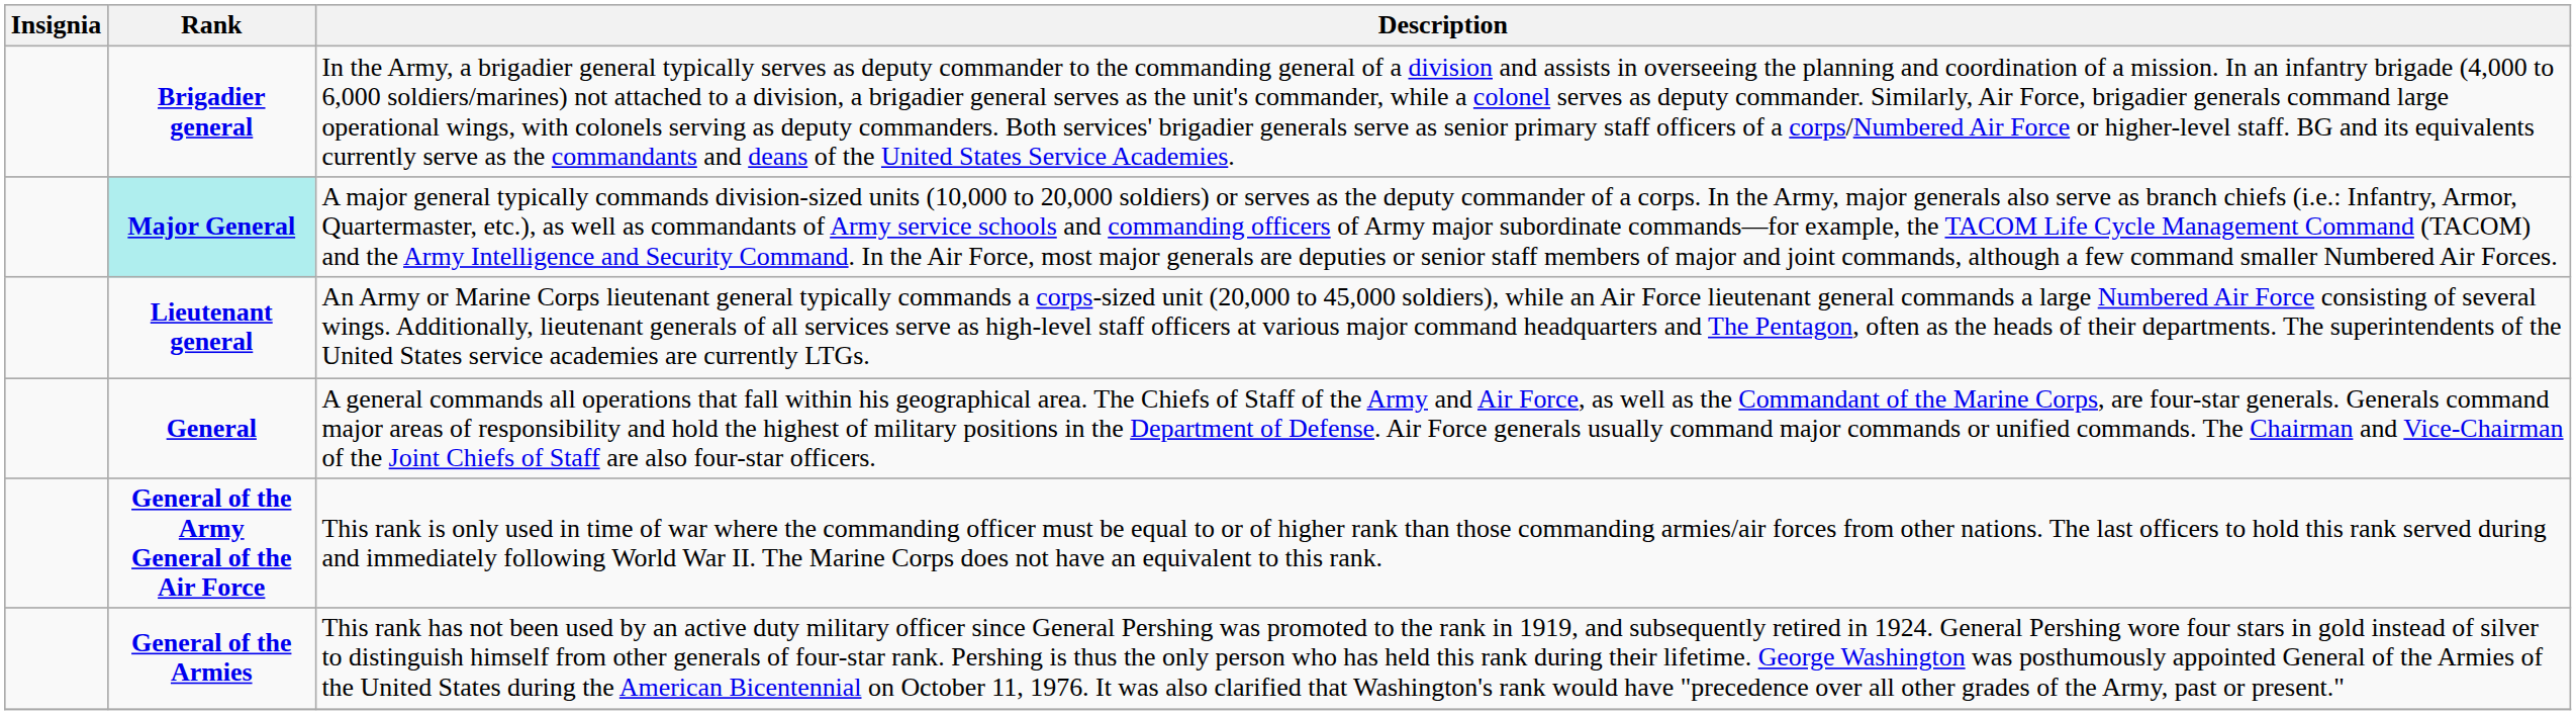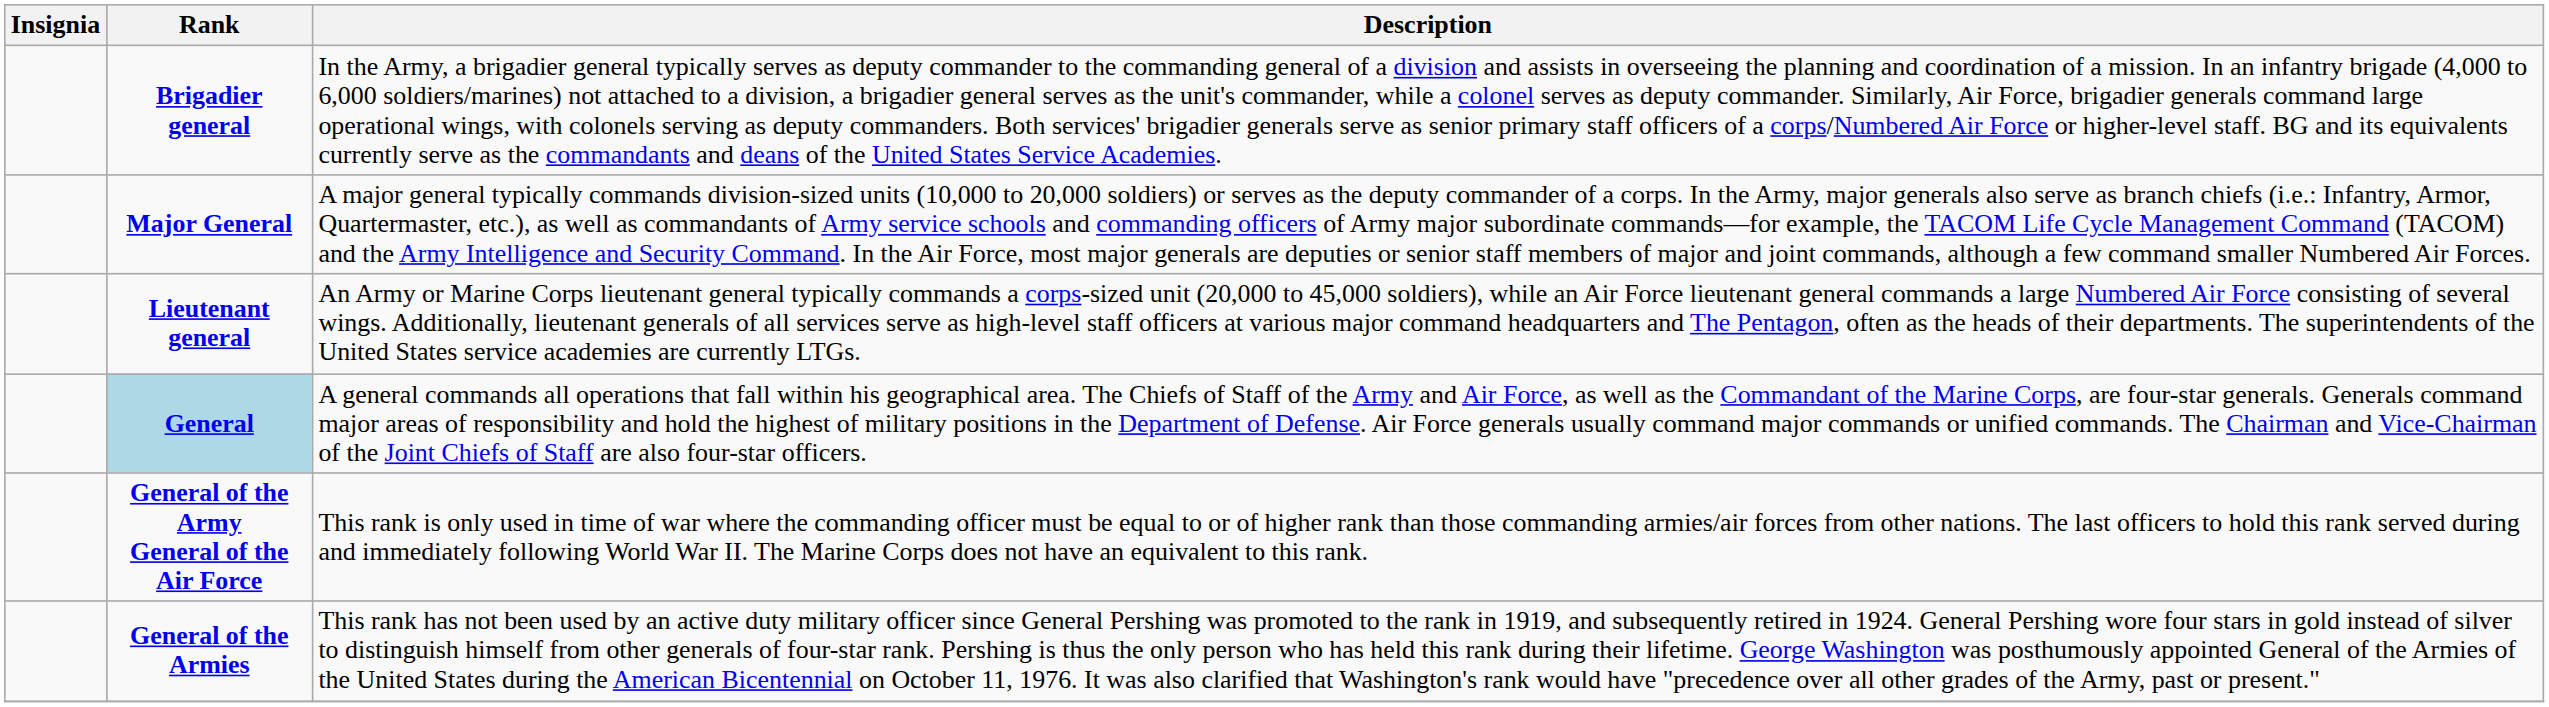 <table class="wikitable">
 <tr>
 <th>Insignia</th>
 <th width="120px">Rank</th>
 <th>Description</th>
 </tr>
 <tr>
 <td align="center"></td>
 <td align="center"><strong><a href='#'>Brigadier general</a></strong></td>
 <td>In the Army, a brigadier general typically serves as deputy commander to the commanding general of a <a href='#'>division</a> and assists in overseeing the planning and coordination of a mission. In an infantry brigade (4,000 to 6,000 soldiers/marines) not attached to a division, a brigadier general serves as the unit's commander, while a <a href='#'>colonel</a> serves as deputy commander. Similarly, Air Force, brigadier generals command large operational wings, with colonels serving as deputy commanders. Both services' brigadier generals serve as senior primary staff officers of a <a href='#'>corps</a>/<a href='#'>Numbered Air Force</a> or higher-level staff. BG and its equivalents currently serve as the <a href='#'>commandants</a> and <a href='#'>deans</a> of the <a href='#'>United States Service Academies</a>.</td>
 </tr>
 <tr>
 <td align="center"></td>
-<td align="center" style="background: paleturquoise;"><strong><a href='#'>Major General</a></strong></td>
+<td align="center"><strong><a href='#'>Major General</a></strong></td>
 <td>A major general typically commands division-sized units (10,000 to 20,000 soldiers) or serves as the deputy commander of a corps. In the Army, major generals also serve as branch chiefs (i.e.: Infantry, Armor, Quartermaster, etc.), as well as commandants of <a href='#'>Army service schools</a> and <a href='#'>commanding officers</a> of Army major subordinate commands—for example, the <a href='#'>TACOM Life Cycle Management Command</a> (TACOM) and the <a href='#'>Army Intelligence and Security Command</a>. In the Air Force, most major generals are deputies or senior staff members of major and joint commands, although a few command smaller Numbered Air Forces.</td>
 </tr>
 <tr>
 <td align="center"></td>
 <td align="center"><strong><a href='#'>Lieutenant general</a></strong></td>
 <td>An Army or Marine Corps lieutenant general typically commands a <a href='#'>corps</a>-sized unit (20,000 to 45,000 soldiers), while an Air Force lieutenant general commands a large <a href='#'>Numbered Air Force</a> consisting of several wings. Additionally, lieutenant generals of all services serve as high-level staff officers at various major command headquarters and <a href='#'>The Pentagon</a>, often as the heads of their departments. The superintendents of the United States service academies are currently LTGs.</td>
 </tr>
 <tr>
 <td align="center"></td>
-<td align="center"><strong><a href='#'>General</a></strong></td>
+<td align="center" style="background: lightblue;"><strong><a href='#'>General</a></strong></td>
 <td>A general commands all operations that fall within his geographical area. The Chiefs of Staff of the <a href='#'>Army</a> and <a href='#'>Air Force</a>, as well as the <a href='#'>Commandant of the Marine Corps</a>, are four-star generals. Generals command major areas of responsibility and hold the highest of military positions in the <a href='#'>Department of Defense</a>. Air Force generals usually command major commands or unified commands. The <a href='#'>Chairman</a> and <a href='#'>Vice-Chairman</a> of the <a href='#'>Joint Chiefs of Staff</a> are also four-star officers.</td>
 </tr>
 <tr>
 <td align="center"></td>
 <td align="center"><strong><a href='#'>General of the Army</a></strong> <br><strong><a href='#'>General of the Air Force</a></strong></td>
 <td>This rank is only used in time of war where the commanding officer must be equal to or of higher rank than those commanding armies/air forces from other nations. The last officers to hold this rank served during and immediately following World War II. The Marine Corps does not have an equivalent to this rank.</td>
 </tr>
 <tr>
 <td align="center"></td>
 <td align="center"><strong><a href='#'>General of the Armies</a></strong></td>
 <td>This rank has not been used by an active duty military officer since General Pershing was promoted to the rank in 1919, and subsequently retired in 1924. General Pershing wore four stars in gold instead of silver to distinguish himself from other generals of four-star rank. Pershing is thus the only person who has held this rank during their lifetime.  <a href='#'>George Washington</a> was posthumously appointed General of the Armies of the United States during the <a href='#'>American Bicentennial</a> on October 11, 1976. It was also clarified that Washington's rank would have "precedence over all other grades of the Army, past or present."</td>
 </tr>
 <tr>
 </tr>
 </table>
